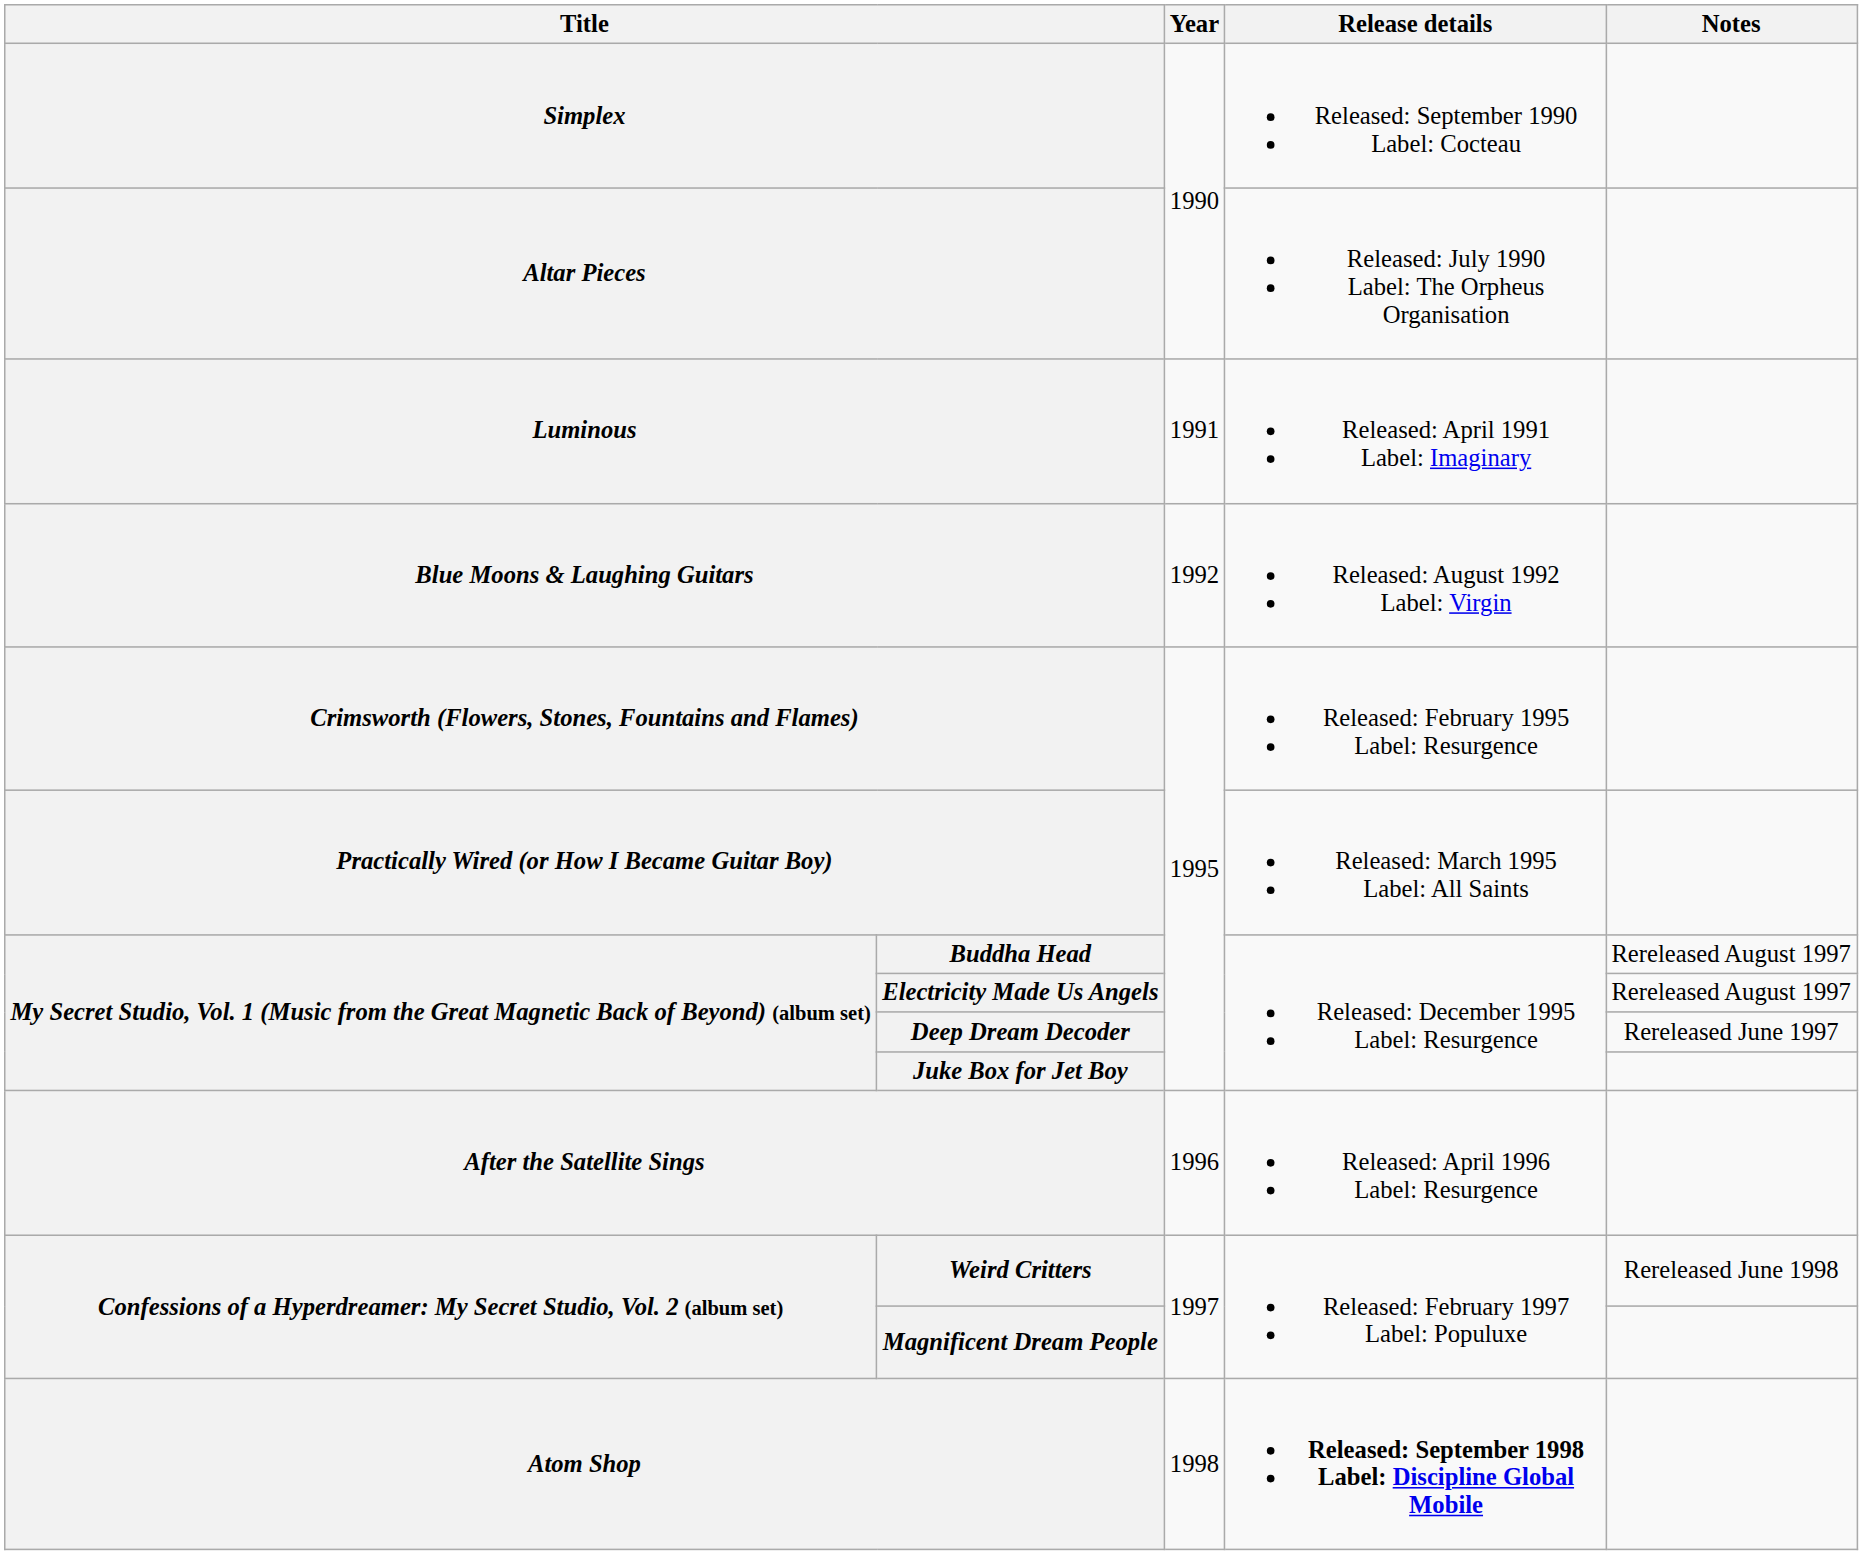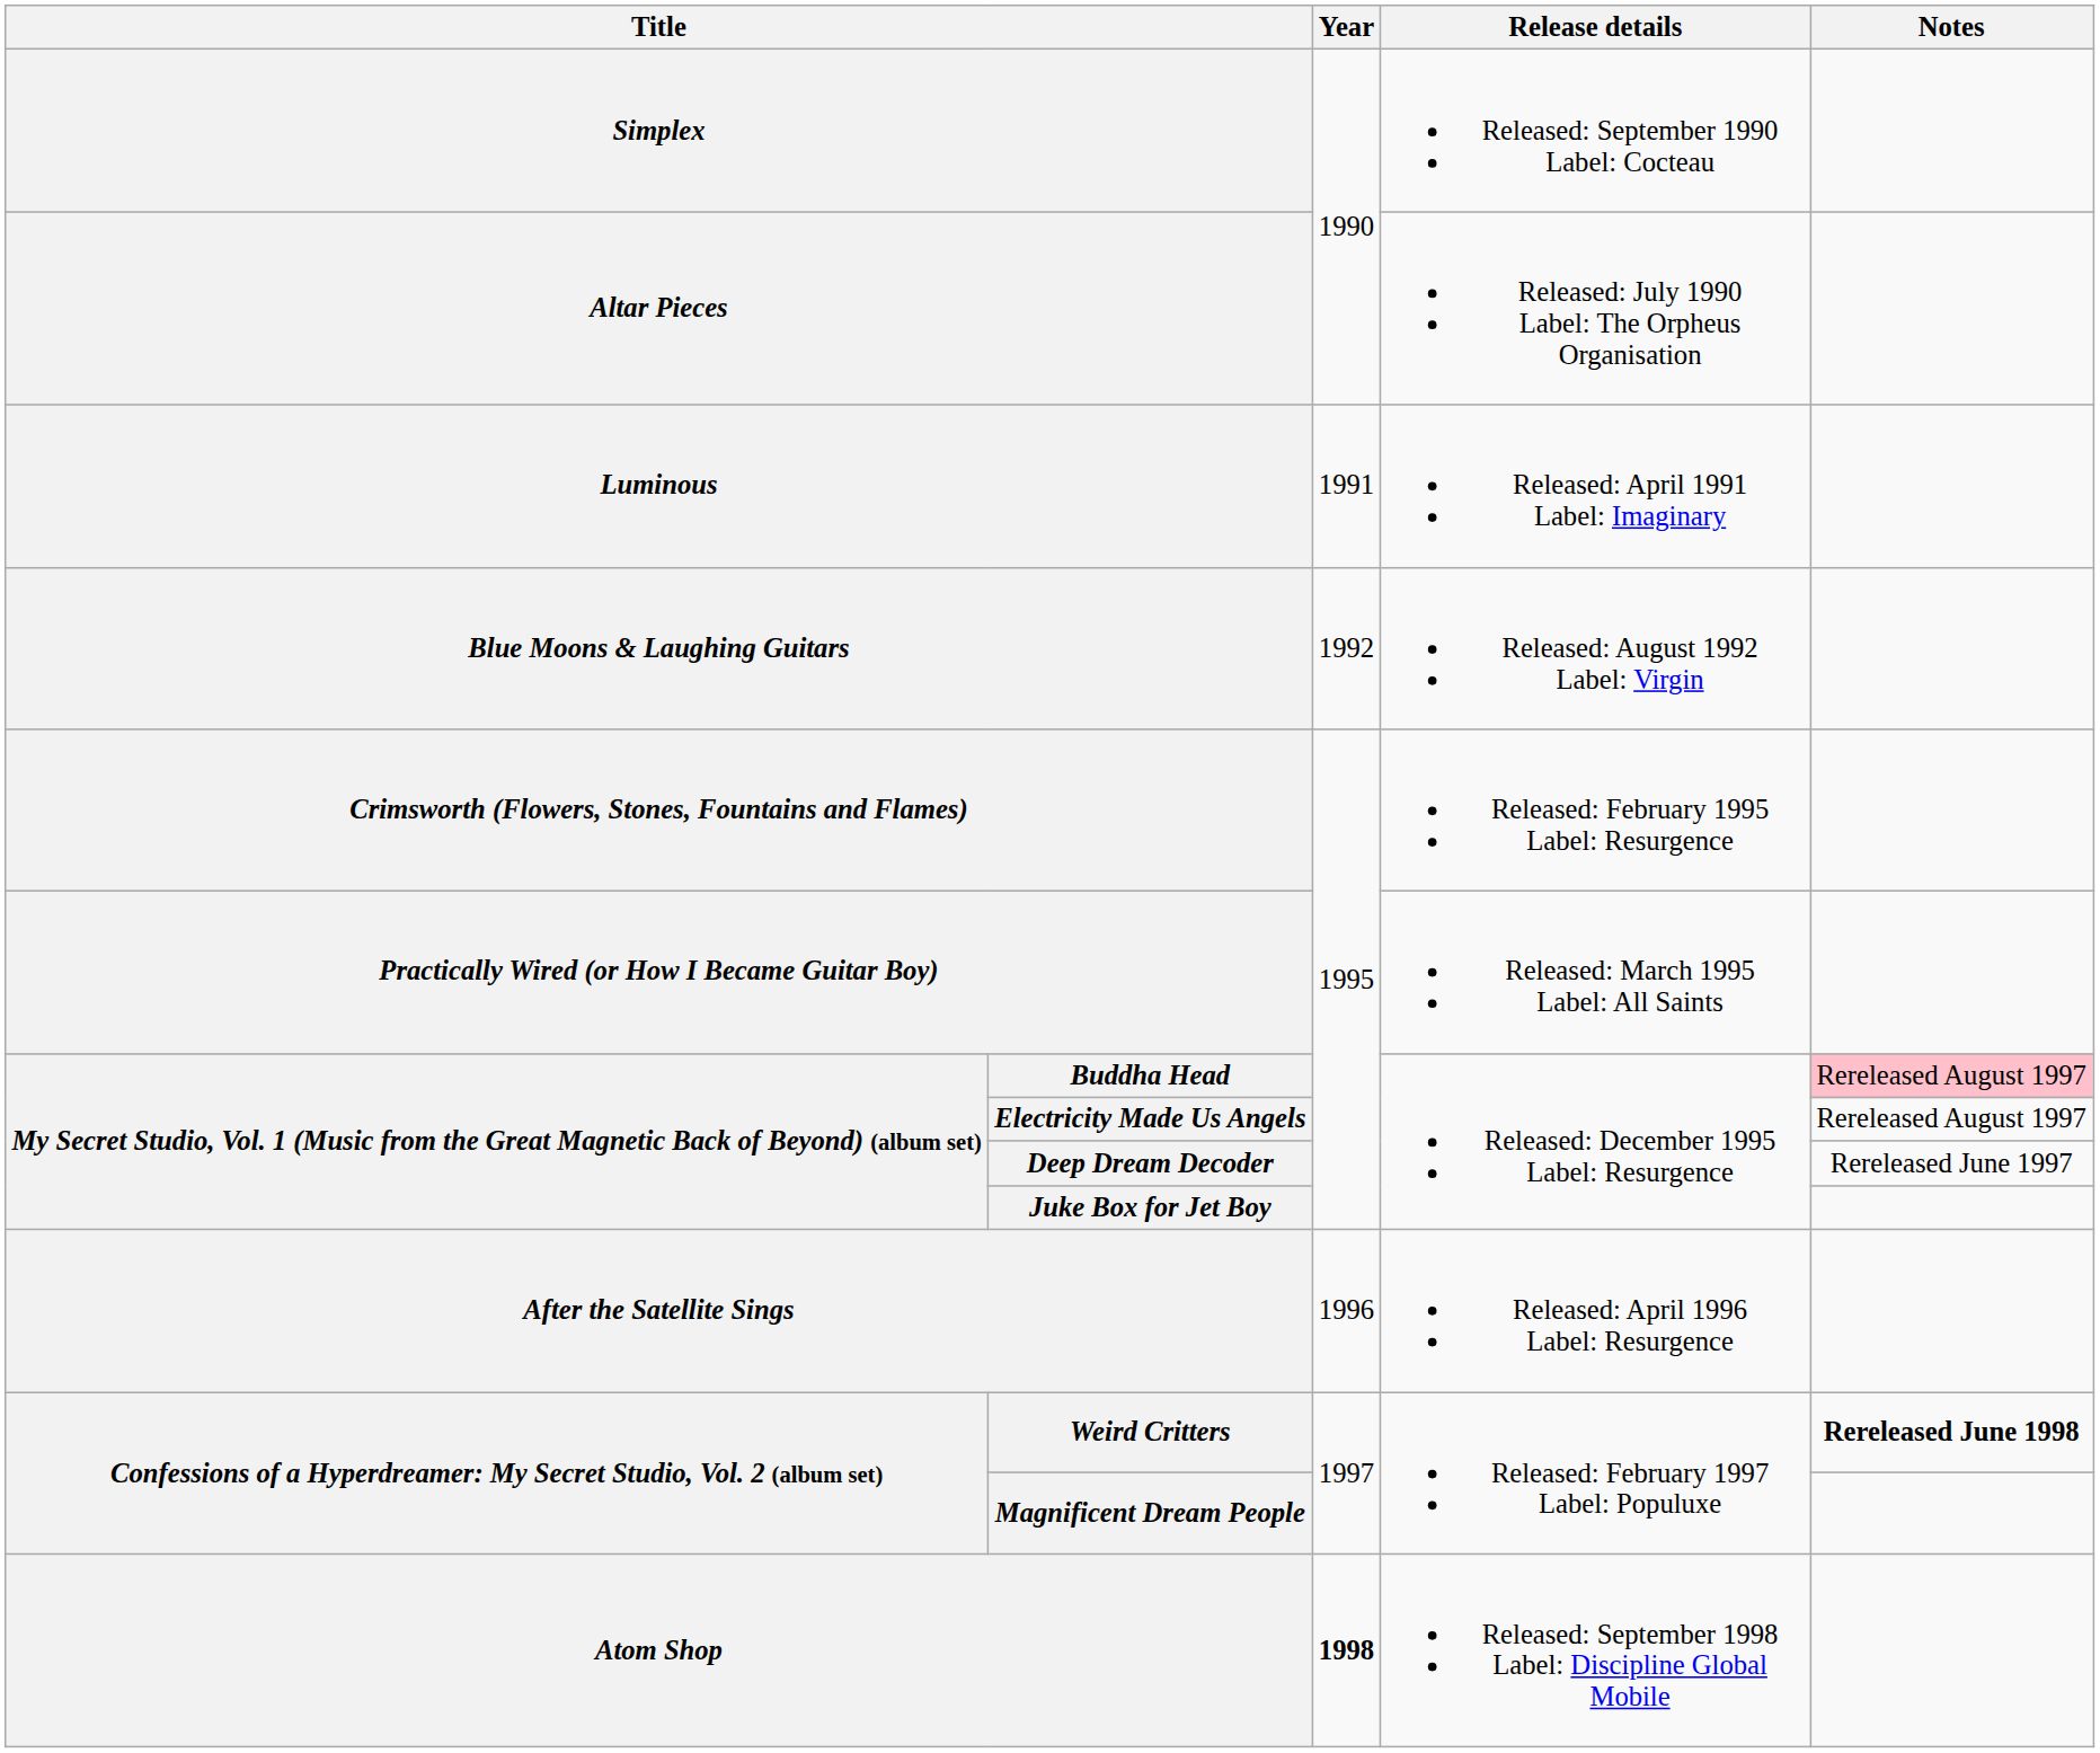 <table class="wikitable plainrowheaders" style="text-align:center;">
 <tr>
 <th colspan="2" scope="col">Title</th>
 <th scope="col">Year</th>
 <th scope="col" style="width:15em;">Release details</th>
 <th scope="col">Notes</th>
 </tr>
 <tr>
 <th colspan="2" scope="row"><em>Simplex</em></th>
 <td rowspan="2">1990</td>
 <td><br><ul><li>Released: September 1990</li><li>Label: Cocteau</li></ul></td>
 <td></td>
 </tr>
 <tr>
 <th colspan="2" scope="row"><em>Altar Pieces</em></th>
 <td><br><ul><li>Released: July 1990</li><li>Label: The Orpheus Organisation</li></ul></td>
 <td></td>
 </tr>
 <tr>
 <th colspan="2" scope="row"><em>Luminous</em></th>
 <td>1991</td>
 <td><br><ul><li>Released: April 1991</li><li>Label: <a href='#'>Imaginary</a></li></ul></td>
 <td></td>
 </tr>
 <tr>
 <th colspan="2" scope="row"><em>Blue Moons & Laughing Guitars</em></th>
 <td>1992</td>
 <td><br><ul><li>Released: August 1992</li><li>Label: <a href='#'>Virgin</a></li></ul></td>
 <td></td>
 </tr>
 <tr>
 <th colspan="2" scope="row"><em>Crimsworth (Flowers, Stones, Fountains and Flames)</em></th>
 <td rowspan="6">1995</td>
 <td><br><ul><li>Released: February 1995</li><li>Label: Resurgence</li></ul></td>
 <td></td>
 </tr>
 <tr>
 <th colspan="2" scope="row"><em>Practically Wired (or How I Became Guitar Boy) </em></th>
 <td><br><ul><li>Released: March 1995</li><li>Label: All Saints</li></ul></td>
 <td></td>
 </tr>
 <tr>
 <th rowspan="4" scope="row"><em>My Secret Studio, Vol. 1 (Music from the Great Magnetic Back of Beyond)</em> <small>(album set)</small></th>
 <th scope="row"><em>Buddha Head</em></th>
 <td rowspan="4"><br><ul><li>Released: December 1995</li><li>Label: Resurgence</li></ul></td>
-<td>Rereleased August 1997</td>
+<td style="background: pink;">Rereleased August 1997</td>
 </tr>
 <tr>
 <th scope="row"><em>Electricity Made Us Angels</em></th>
 <td>Rereleased August 1997</td>
 </tr>
 <tr>
 <th scope="row"><em>Deep Dream Decoder</em></th>
 <td>Rereleased June 1997</td>
 </tr>
 <tr>
 <th scope="row"><em>Juke Box for Jet Boy</em></th>
 <td></td>
 </tr>
 <tr>
 <th colspan="2" scope="row"><em>After the Satellite Sings</em></th>
 <td>1996</td>
 <td><br><ul><li>Released: April 1996</li><li>Label: Resurgence</li></ul></td>
 <td></td>
 </tr>
 <tr>
 <th rowspan="2" scope="row"><em>Confessions of a Hyperdreamer: My Secret Studio, Vol. 2</em> <small>(album set)</small></th>
 <th scope="row"><em>Weird Critters</em></th>
 <td rowspan="2">1997</td>
 <td rowspan="2"><br><ul><li>Released: February 1997</li><li>Label: Populuxe</li></ul></td>
-<td>Rereleased June 1998</td>
+<td><strong>Rereleased June 1998</strong></td>
 </tr>
 <tr>
 <th scope="row"><em>Magnificent Dream People</em></th>
 <td></td>
 </tr>
 <tr>
 <th colspan="2" scope="row"><em>Atom Shop</em></th>
-<td>1998</td>
-<td><strong><br><ul><li>Released: September 1998</li><li>Label: <a href='#'>Discipline Global Mobile</a></li></ul></strong></td>
+<td><strong>1998</strong></td>
+<td><br><ul><li>Released: September 1998</li><li>Label: <a href='#'>Discipline Global Mobile</a></li></ul></td>
 <td></td>
 </tr>
 </table>
